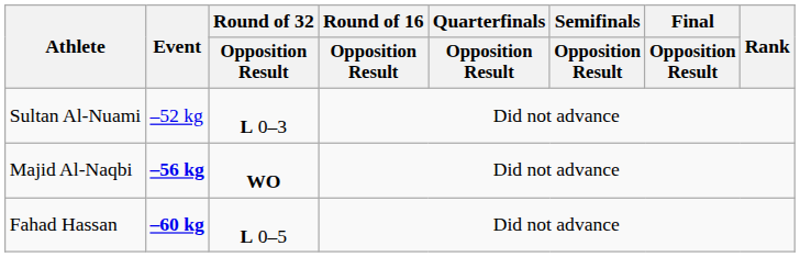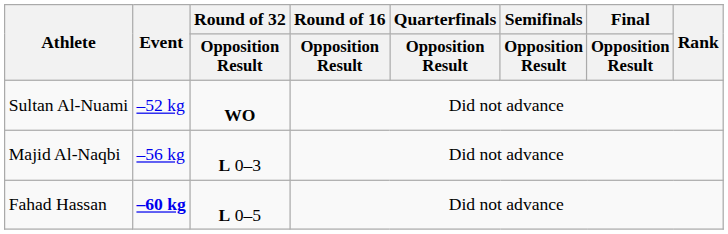 <table class=wikitable style=font-size:90%;text-align:center>
 <tr>
 <th rowspan="2">Athlete</th>
 <th rowspan="2">Event</th>
 <th>Round of 32</th>
 <th>Round of 16</th>
 <th>Quarterfinals</th>
 <th>Semifinals</th>
 <th>Final</th>
 <th rowspan=2>Rank</th>
 </tr>
 <tr style="font-size:95%">
 <th>Opposition<br>Result</th>
 <th>Opposition<br>Result</th>
 <th>Opposition<br>Result</th>
 <th>Opposition<br>Result</th>
 <th>Opposition<br>Result</th>
 </tr>
 <tr>
 <td align=left>Sultan Al-Nuami</td>
 <td align=left><a href='#'>–52 kg</a></td>
-<td><br><strong>L</strong> 0–3</td>
+<td><br><strong>WO</strong></td>
 <td colspan=5>Did not advance</td>
 </tr>
 <tr>
 <td align=left>Majid Al-Naqbi</td>
-<td align=left><strong><a href='#'>–56 kg</a></strong></td>
-<td><br><strong>WO</strong></td>
+<td align=left><a href='#'>–56 kg</a></td>
+<td><br><strong>L</strong> 0–3</td>
 <td colspan=5>Did not advance</td>
 </tr>
 <tr>
 <td align=left>Fahad Hassan</td>
 <td align=left><strong><a href='#'>–60 kg</a></strong></td>
 <td><br><strong>L</strong> 0–5</td>
 <td colspan=5>Did not advance</td>
 </tr>
 </table>
